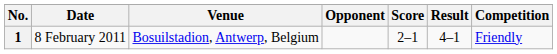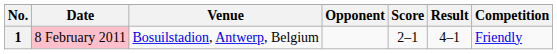 <table class="wikitable plainrowheaders">
 <tr>
 </tr>
 <tr>
 <th scope=col>No.</th>
 <th scope=col data-sort-type=date>Date</th>
 <th scope=col>Venue</th>
 <th scope=col>Opponent</th>
 <th scope=col>Score</th>
 <th scope=col>Result</th>
 <th scope=col>Competition</th>
 </tr>
 <tr>
 <th scope=row>1</th>
-<td>8 February 2011</td>
+<td style="background: pink;">8 February 2011</td>
 <td><a href='#'>Bosuilstadion</a>, <a href='#'>Antwerp</a>, Belgium</td>
 <td></td>
 <td align=center>2–1</td>
 <td align=center>4–1</td>
 <td><a href='#'>Friendly</a></td>
 </tr>
 </table>
